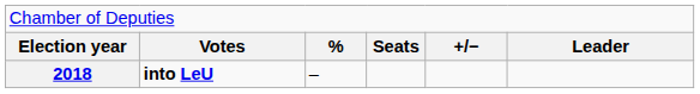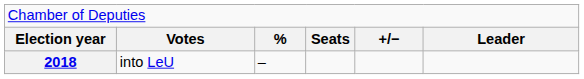 <table class=wikitable style="width:50%; border:1px #AAAAFF solid">
 <tr>
 <td colspan=6><a href='#'>Chamber of Deputies</a></td>
 </tr>
 <tr>
 <th width=13%>Election year</th>
 <th width=16%>Votes</th>
 <th width=6%>%</th>
 <th width=1%>Seats</th>
 <th width=8%>+/−</th>
 <th width=18%>Leader</th>
 </tr>
 <tr>
 <th><a href='#'>2018</a></th>
-<td><strong>into <a href='#'>LeU</a></strong></td>
+<td>into <a href='#'>LeU</a></td>
 <td>–</td>
 <td></td>
 <td></td>
 <td></td>
 </tr>
 </table>
